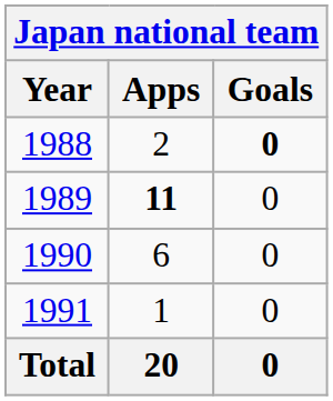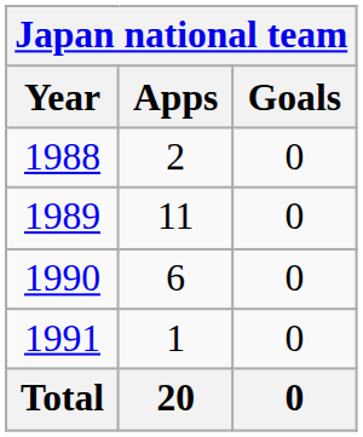 <table class="wikitable" style="text-align:center">
 <tr>
 <th colspan=3><a href='#'>Japan national team</a></th>
 </tr>
 <tr>
 <th>Year</th>
 <th>Apps</th>
 <th>Goals</th>
 </tr>
 <tr>
 <td><a href='#'>1988</a></td>
 <td>2</td>
-<td><strong>0</strong></td>
+<td>0</td>
 </tr>
 <tr>
 <td><a href='#'>1989</a></td>
-<td><strong>11</strong></td>
+<td>11</td>
 <td>0</td>
 </tr>
 <tr>
 <td><a href='#'>1990</a></td>
 <td>6</td>
 <td>0</td>
 </tr>
 <tr>
 <td><a href='#'>1991</a></td>
 <td>1</td>
 <td>0</td>
 </tr>
 <tr>
 <th>Total</th>
 <th>20</th>
 <th>0</th>
 </tr>
 </table>
